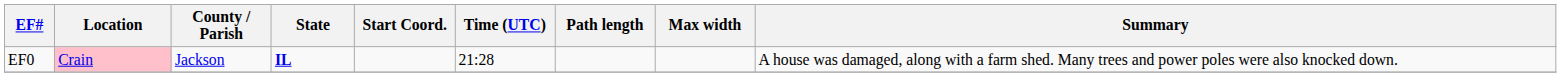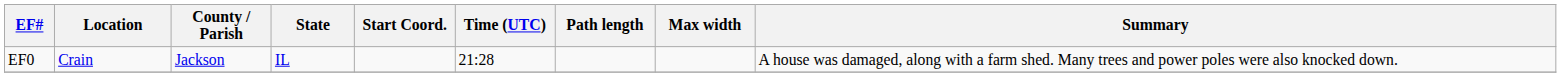 <table class="wikitable sortable" style="width:100%;">
 <tr>
 <th scope="col" width="3%" align="center"><a href='#'>EF#</a></th>
 <th scope="col" width="7%" align="center" class="unsortable">Location</th>
 <th scope="col" width="6%" align="center" class="unsortable">County / Parish</th>
 <th scope="col" width="5%" align="center">State</th>
 <th scope="col" width="6%" align="center">Start Coord.</th>
 <th scope="col" width="6%" align="center">Time (<a href='#'>UTC</a>)</th>
 <th scope="col" width="6%" align="center">Path length</th>
 <th scope="col" width="6%" align="center">Max width</th>
 <th scope="col" width="48%" class="unsortable" align="center">Summary</th>
 </tr>
 <tr>
 <td>EF0</td>
-<td style="background: pink;"><a href='#'>Crain</a></td>
+<td><a href='#'>Crain</a></td>
 <td><a href='#'>Jackson</a></td>
-<td><strong><a href='#'>IL</a></strong></td>
+<td><a href='#'>IL</a></td>
 <td></td>
 <td>21:28</td>
 <td></td>
 <td></td>
 <td>A house was damaged, along with a farm shed. Many trees and power poles were also knocked down.</td>
 </tr>
 <tr>
 </tr>
 </table>
